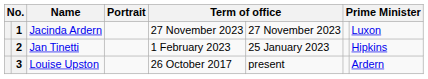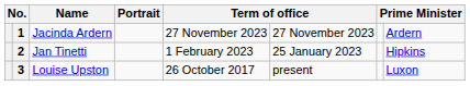 <table class="wikitable">
 <tr>
 <th colspan=2>No.</th>
 <th>Name</th>
 <th>Portrait</th>
 <th colspan=2>Term of office</th>
 <th colspan=2>Prime Minister</th>
 </tr>
 <tr>
 <th style="color:inherit;background:"></th>
 <th>1</th>
 <td><a href='#'>Jacinda Ardern</a></td>
 <td></td>
 <td>27 November 2023</td>
 <td>27 November 2023</td>
 <td width=1 style="color:inherit;background:"></td>
-<td><a href='#'>Luxon</a></td>
+<td><a href='#'>Ardern</a></td>
 </tr>
 <tr>
 <th style="color:inherit;background:"></th>
 <th>2</th>
 <td><a href='#'>Jan Tinetti</a></td>
 <td></td>
 <td>1 February 2023</td>
 <td>25 January 2023</td>
 <td width=1 style="color:inherit;background:"></td>
 <td><a href='#'>Hipkins</a></td>
 </tr>
 <tr>
 <th style="color:inherit;background:"></th>
 <th>3</th>
 <td><a href='#'>Louise Upston</a></td>
 <td></td>
 <td>26 October 2017</td>
 <td>present</td>
 <td style="color:inherit;background:"></td>
-<td><a href='#'>Ardern</a></td>
+<td><a href='#'>Luxon</a></td>
 </tr>
 </table>
